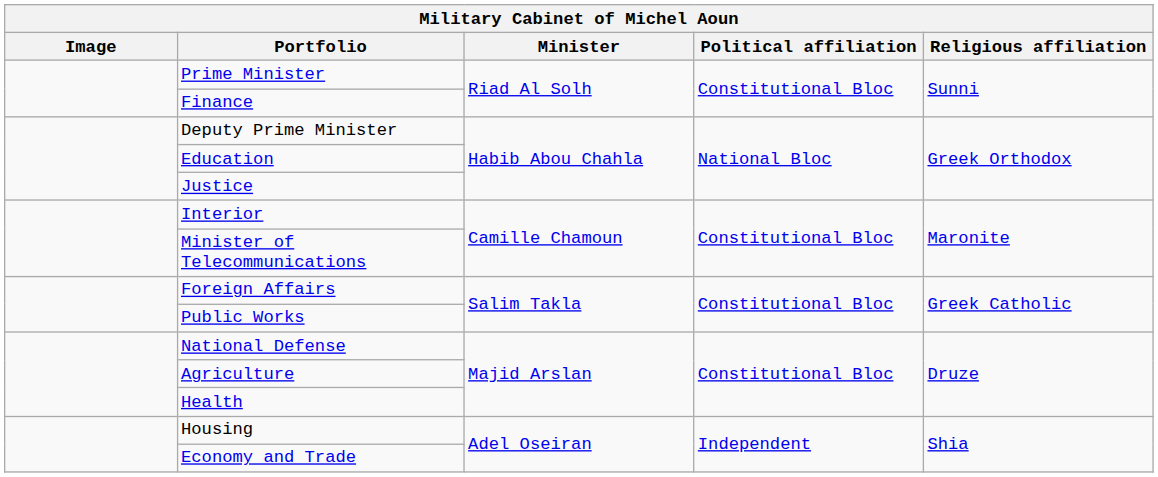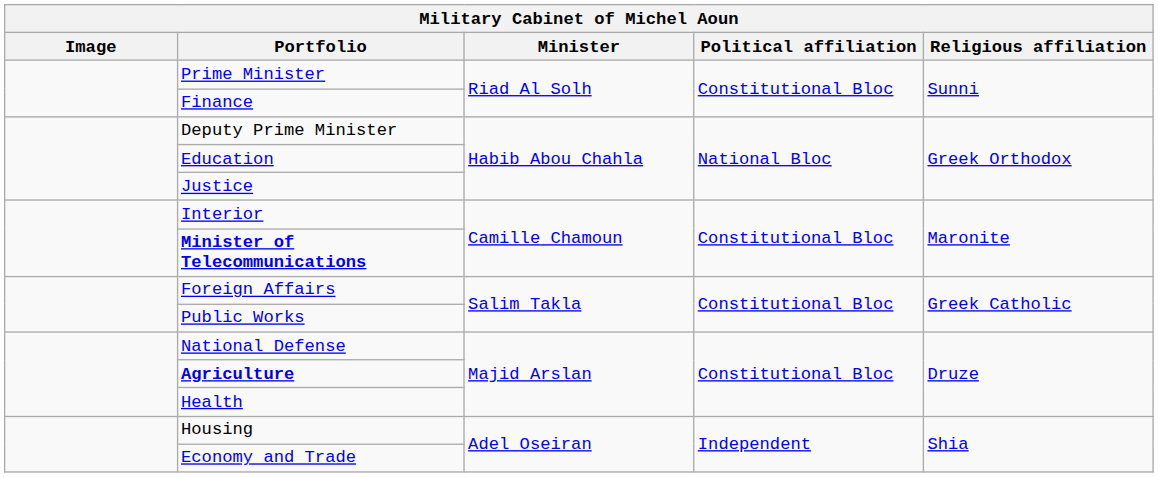 <table class="wikitable">
 <tr>
 <th colspan="5">Military Cabinet of Michel Aoun</th>
 </tr>
 <tr>
 <th>Image</th>
 <th style="width:25%;">Portfolio</th>
 <th style="width:20%;">Minister</th>
 <th style="width:20%;">Political affiliation</th>
 <th style="width:20%;">Religious affiliation</th>
 </tr>
 <tr>
 <td rowspan="2"></td>
 <td><a href='#'>Prime Minister</a></td>
 <td rowspan="2"><a href='#'>Riad Al Solh</a></td>
 <td rowspan="2"> <a href='#'>Constitutional Bloc</a></td>
 <td rowspan="2"><a href='#'>Sunni</a></td>
 </tr>
 <tr>
 <td><a href='#'>Finance</a></td>
 </tr>
 <tr>
 <td rowspan="3"></td>
 <td>Deputy Prime Minister</td>
 <td rowspan="3"><a href='#'>Habib Abou Chahla</a></td>
 <td rowspan="3"> <a href='#'>National Bloc</a></td>
 <td rowspan="3"><a href='#'>Greek Orthodox</a></td>
 </tr>
 <tr>
 <td><a href='#'>Education</a></td>
 </tr>
 <tr>
 <td><a href='#'>Justice</a></td>
 </tr>
 <tr>
 <td rowspan="2"></td>
 <td><a href='#'>Interior</a></td>
 <td rowspan="2"><a href='#'>Camille Chamoun</a></td>
 <td rowspan="2"> <a href='#'>Constitutional Bloc</a></td>
 <td rowspan="2"><a href='#'>Maronite</a></td>
 </tr>
 <tr>
-<td><a href='#'>Minister of Telecommunications</a></td>
+<td><strong><a href='#'>Minister of Telecommunications</a></strong></td>
 </tr>
 <tr>
 <td rowspan="2"></td>
 <td><a href='#'>Foreign Affairs</a></td>
 <td rowspan="2"><a href='#'>Salim Takla</a></td>
 <td rowspan="2"> <a href='#'>Constitutional Bloc</a></td>
 <td rowspan="2"><a href='#'>Greek Catholic</a></td>
 </tr>
 <tr>
 <td><a href='#'>Public Works</a></td>
 </tr>
 <tr>
 <td rowspan="3"></td>
 <td><a href='#'>National Defense</a></td>
 <td rowspan="3"><a href='#'>Majid Arslan</a></td>
 <td rowspan="3"> <a href='#'>Constitutional Bloc</a></td>
 <td rowspan="3"><a href='#'>Druze</a></td>
 </tr>
 <tr>
-<td><a href='#'>Agriculture</a></td>
+<td><strong><a href='#'>Agriculture</a></strong></td>
 </tr>
 <tr>
 <td><a href='#'>Health</a></td>
 </tr>
 <tr>
 <td rowspan="2"></td>
 <td>Housing</td>
 <td rowspan="2"><a href='#'>Adel Oseiran</a></td>
 <td rowspan="2"> <a href='#'>Independent</a></td>
 <td rowspan="2"><a href='#'>Shia</a></td>
 </tr>
 <tr>
 <td><a href='#'>Economy and Trade</a></td>
 </tr>
 </table>
